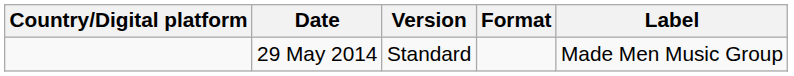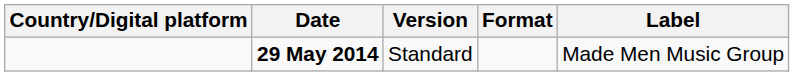 <table class="wikitable">
 <tr>
 <th>Country/Digital platform</th>
 <th>Date</th>
 <th>Version</th>
 <th>Format</th>
 <th>Label</th>
 </tr>
 <tr>
 <td></td>
-<td>29 May 2014</td>
+<td><strong>29 May 2014</strong></td>
 <td rowspan="2">Standard</td>
 <td></td>
 <td rowspan="2">Made Men Music Group</td>
 </tr>
 </table>
